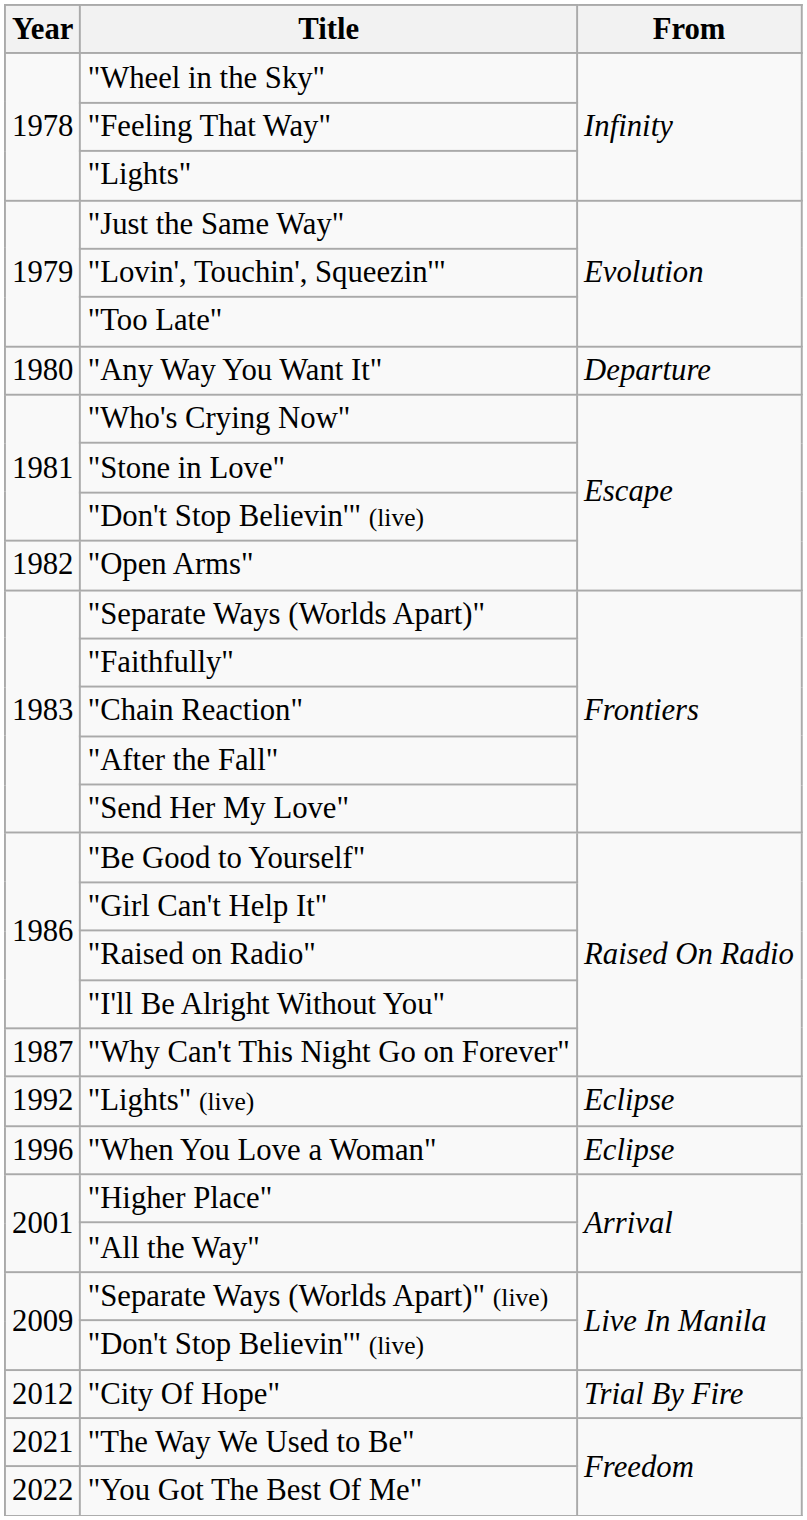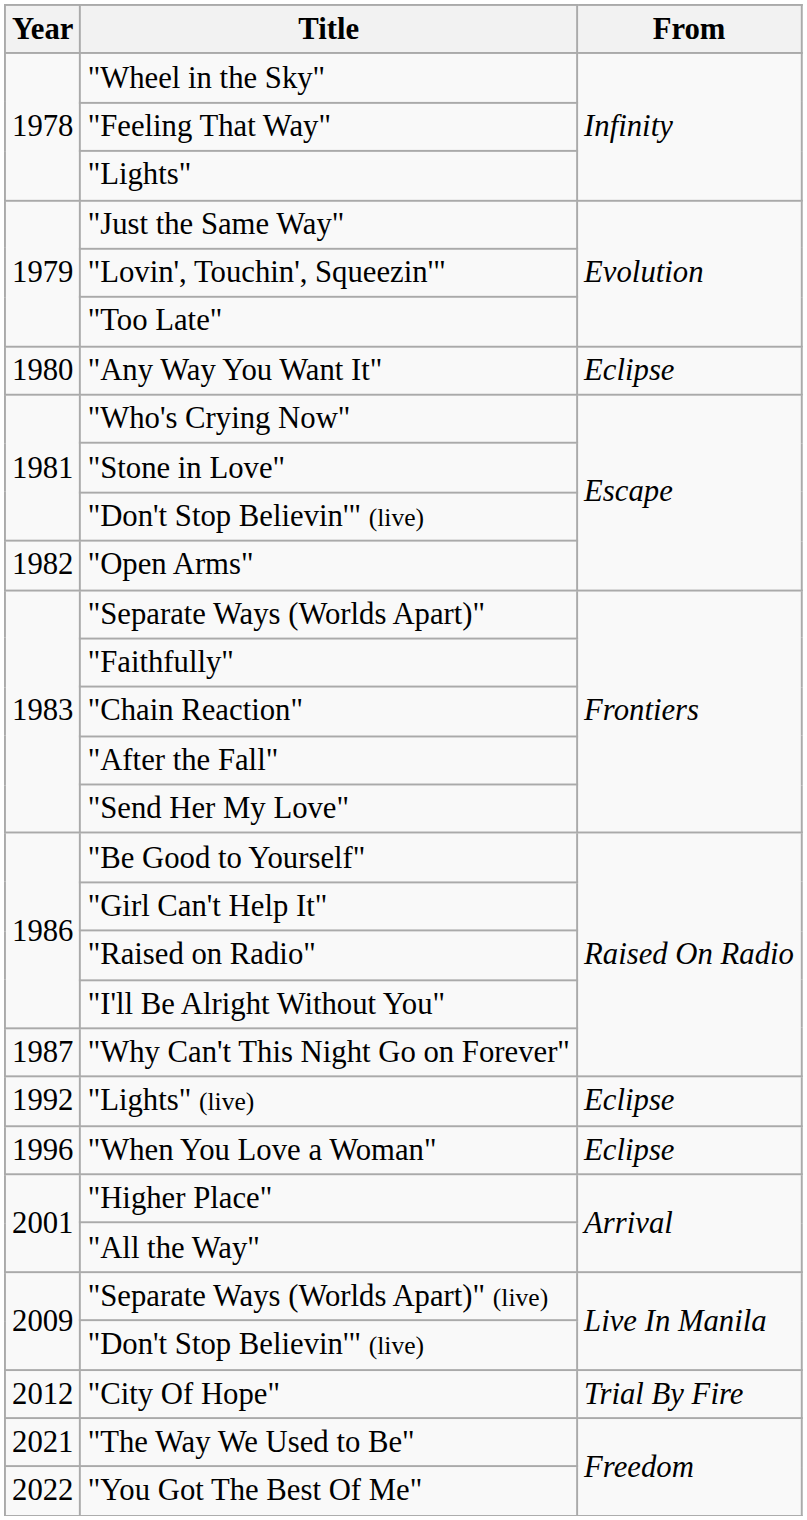 <table class="wikitable">
 <tr>
 <th>Year</th>
 <th>Title</th>
 <th>From</th>
 </tr>
 <tr>
 <td rowspan="3">1978</td>
 <td>"Wheel in the Sky"</td>
 <td rowspan="3"><em>Infinity</em></td>
 </tr>
 <tr>
 <td>"Feeling That Way"</td>
 </tr>
 <tr>
 <td>"Lights"</td>
 </tr>
 <tr>
 <td rowspan="3">1979</td>
 <td>"Just the Same Way"</td>
 <td rowspan="3”"><em>Evolution</em></td>
 </tr>
 <tr>
 <td>"Lovin', Touchin', Squeezin'"</td>
 </tr>
 <tr>
 <td>"Too Late"</td>
 </tr>
 <tr>
 <td>1980</td>
 <td>"Any Way You Want It"</td>
-<td rowspan="1"><em>Departure</em></td>
+<td><em>Eclipse</em></td>
 </tr>
 <tr>
 <td rowspan="3">1981</td>
 <td>"Who's Crying Now"</td>
 <td rowspan="4"><em>Escape</em></td>
 </tr>
 <tr>
 <td>"Stone in Love"</td>
 </tr>
 <tr>
 <td>"Don't Stop Believin'" <small>(live)</small></td>
 </tr>
 <tr>
 <td>1982</td>
 <td>"Open Arms"</td>
 </tr>
 <tr>
 <td rowspan="5">1983</td>
 <td>"Separate Ways (Worlds Apart)"</td>
 <td rowspan="5"><em>Frontiers</em></td>
 </tr>
 <tr>
 <td>"Faithfully"</td>
 </tr>
 <tr>
 <td>"Chain Reaction"</td>
 </tr>
 <tr>
 <td>"After the Fall"</td>
 </tr>
 <tr>
 <td>"Send Her My Love"</td>
 </tr>
 <tr>
 <td rowspan="4">1986</td>
 <td>"Be Good to Yourself"</td>
 <td rowspan="5"><em>Raised On Radio</em></td>
 </tr>
 <tr>
 <td>"Girl Can't Help It"</td>
 </tr>
 <tr>
 <td>"Raised on Radio"</td>
 </tr>
 <tr>
 <td>"I'll Be Alright Without You"</td>
 </tr>
 <tr>
 <td>1987</td>
 <td>"Why Can't This Night Go on Forever"</td>
 </tr>
 <tr>
 <td>1992</td>
 <td>"Lights" <small>(live)</small></td>
 <td><em>Eclipse</em></td>
 </tr>
 <tr>
 <td>1996</td>
 <td>"When You Love a Woman"</td>
 <td><em>Eclipse</em></td>
 </tr>
 <tr>
 <td rowspan="2">2001</td>
 <td>"Higher Place"</td>
 <td rowspan="2"><em>Arrival</em></td>
 </tr>
 <tr>
 <td>"All the Way"</td>
 </tr>
 <tr>
 <td rowspan="2">2009</td>
 <td>"Separate Ways (Worlds Apart)" <small>(live)</small></td>
 <td rowspan="2"><em>Live In Manila</em></td>
 </tr>
 <tr>
 <td>"Don't Stop Believin'" <small>(live)</small></td>
 </tr>
 <tr>
 <td>2012</td>
 <td>"City Of Hope"</td>
 <td><em>Trial By Fire</em></td>
 </tr>
 <tr>
 <td>2021</td>
 <td>"The Way We Used to Be"</td>
 <td rowspan="2"><em>Freedom</em></td>
 </tr>
 <tr>
 <td>2022</td>
 <td>"You Got The Best Of Me"</td>
 </tr>
 </table>
